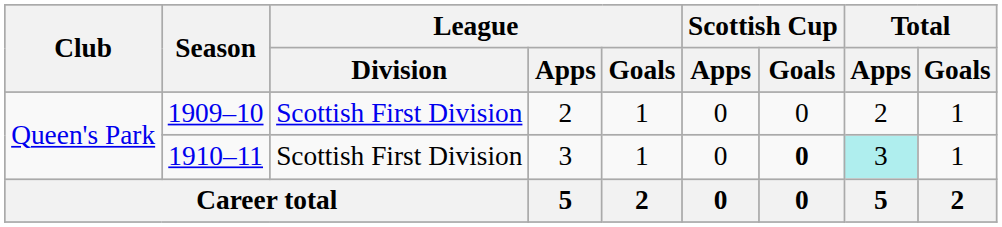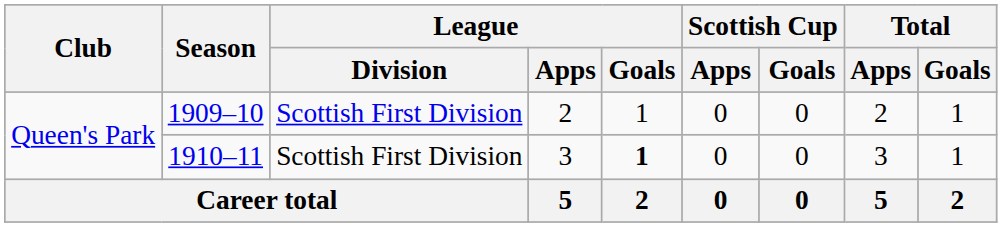 <table class="wikitable" style="text-align: center;">
 <tr>
 <th rowspan="2">Club</th>
 <th rowspan="2">Season</th>
 <th colspan="3">League</th>
 <th colspan="2">Scottish Cup</th>
 <th colspan="2">Total</th>
 </tr>
 <tr>
 <th>Division</th>
 <th>Apps</th>
 <th>Goals</th>
 <th>Apps</th>
 <th>Goals</th>
 <th>Apps</th>
 <th>Goals</th>
 </tr>
 <tr>
 <td rowspan="2"><a href='#'>Queen's Park</a></td>
 <td><a href='#'>1909–10</a></td>
 <td><a href='#'>Scottish First Division</a></td>
 <td>2</td>
 <td>1</td>
 <td>0</td>
 <td>0</td>
 <td>2</td>
 <td>1</td>
 </tr>
 <tr>
 <td><a href='#'>1910–11</a></td>
 <td>Scottish First Division</td>
 <td>3</td>
-<td>1</td>
+<td><strong>1</strong></td>
 <td>0</td>
-<td><strong>0</strong></td>
-<td style="background: paleturquoise;">3</td>
+<td>0</td>
+<td>3</td>
 <td>1</td>
 </tr>
 <tr>
 <th colspan="3">Career total</th>
 <th>5</th>
 <th>2</th>
 <th>0</th>
 <th>0</th>
 <th>5</th>
 <th>2</th>
 </tr>
 </table>
